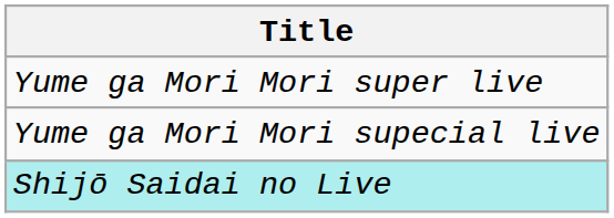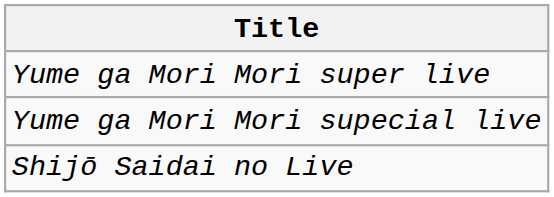 <table class="wikitable">
 <tr>
 <th>Title</th>
 </tr>
 <tr>
 <td><em>Yume ga Mori Mori super live</em></td>
 </tr>
 <tr>
 <td><em>Yume ga Mori Mori supecial live</em></td>
 </tr>
 <tr>
-<td style="background: paleturquoise;"><em>Shijō Saidai no Live</em></td>
+<td><em>Shijō Saidai no Live</em></td>
 </tr>
 </table>
